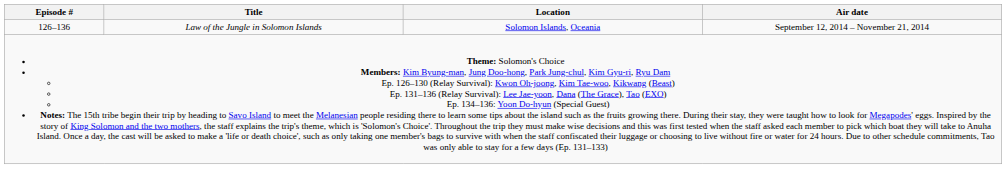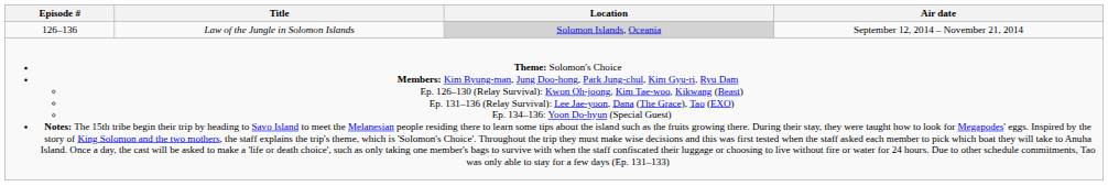 <table class="wikitable" style="text-align:center; font-size:90%; width:100%;">
 <tr>
 <th width="10%">Episode #</th>
 <th width="30%">Title</th>
 <th width="30%">Location</th>
 <th width="30%">Air date</th>
 </tr>
 <tr>
 <td>126–136</td>
 <td><em>Law of the Jungle in Solomon Islands</em></td>
-<td><a href='#'>Solomon Islands</a>, <a href='#'>Oceania</a></td>
+<td style="background: lightgrey;"><a href='#'>Solomon Islands</a>, <a href='#'>Oceania</a></td>
 <td>September 12, 2014 – November 21, 2014</td>
 </tr>
 <tr>
 <td colspan="4"><br><ul><li><strong>Theme:</strong> Solomon's Choice</li><li><strong>Members:</strong> <a href='#'>Kim Byung-man</a>, <a href='#'>Jung Doo-hong</a>, <a href='#'>Park Jung-chul</a>, <a href='#'>Kim Gyu-ri</a>, <a href='#'>Ryu Dam</a><ul><li>Ep. 126–130 (Relay Survival): <a href='#'>Kwon Oh-joong</a>, <a href='#'>Kim Tae-woo</a>, <a href='#'>Kikwang</a> (<a href='#'>Beast</a>)</li><li>Ep. 131–136 (Relay Survival): <a href='#'>Lee Jae-yoon</a>, <a href='#'>Dana</a> (<a href='#'>The Grace</a>), <a href='#'>Tao</a> (<a href='#'>EXO</a>)</li><li>Ep. 134–136: <a href='#'>Yoon Do-hyun</a> (Special Guest)</li></ul></li><li><strong>Notes:</strong> The 15th tribe begin their trip by heading to <a href='#'>Savo Island</a> to meet the <a href='#'>Melanesian</a> people residing there to learn some tips about the island such as the fruits growing there. During their stay, they were taught how to look for <a href='#'>Megapodes</a>' eggs. Inspired by the story of <a href='#'>King Solomon and the two mothers</a>, the staff explains the trip's theme, which is 'Solomon's Choice'. Throughout the trip they must make wise decisions and this was first tested when the staff asked each member to pick which boat they will take to Anuha Island. Once a day, the cast will be asked to make a 'life or death choice', such as only taking one member's bags to survive with when the staff confiscated their luggage or choosing to live without fire or water for 24 hours. Due to other schedule commitments, Tao was only able to stay for a few days (Ep. 131–133)</li></ul></td>
 </tr>
 </table>
